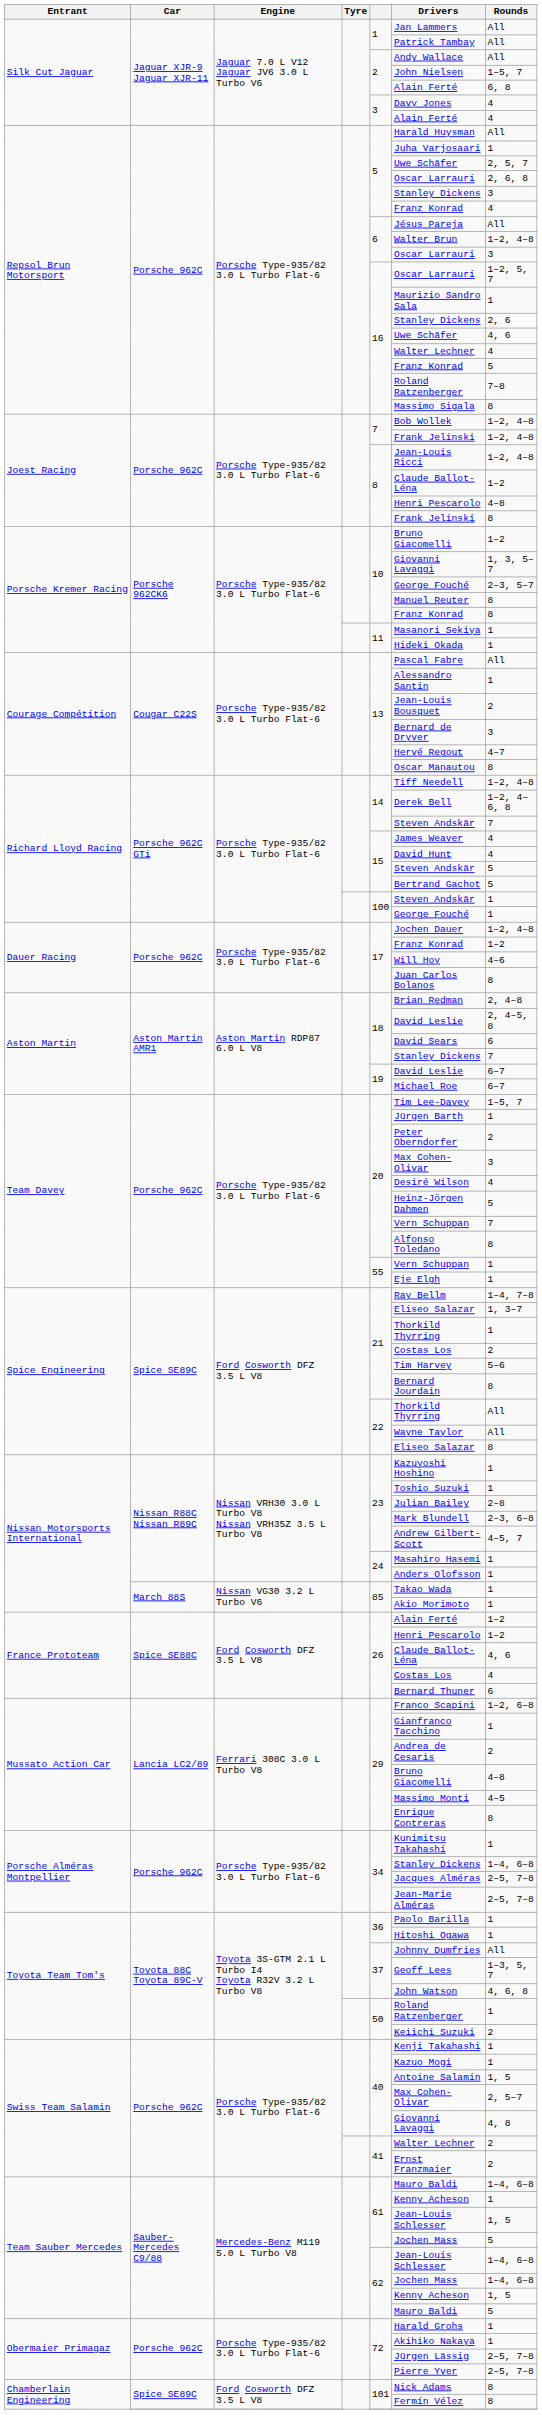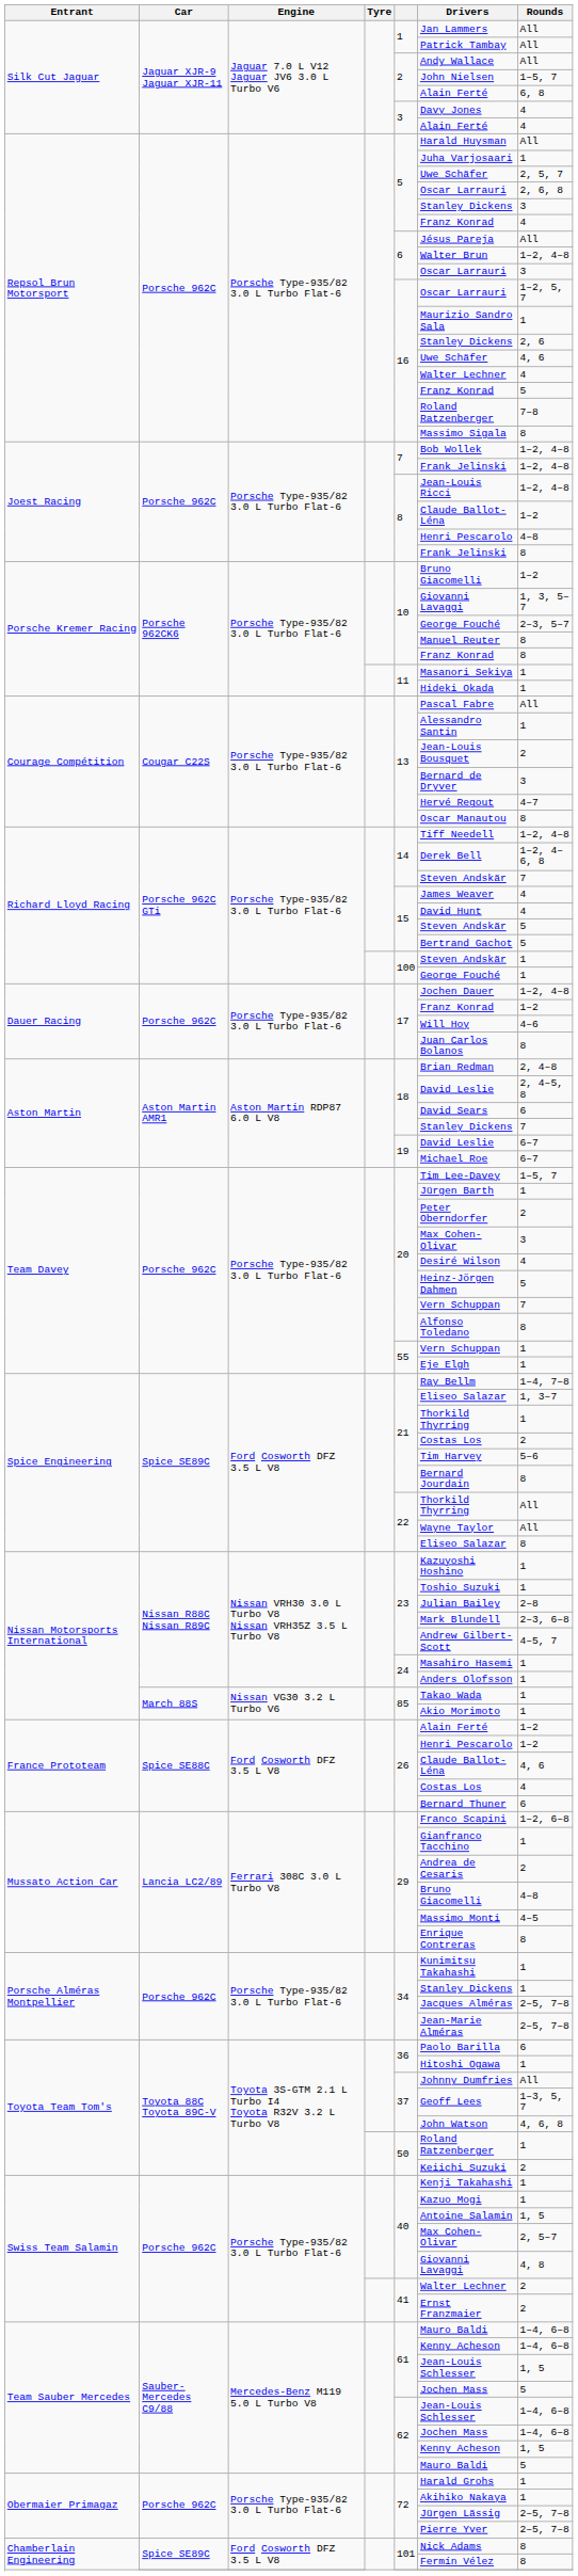 <table class="wikitable" style="font-size: 85%">
 <tr>
 <th>Entrant</th>
 <th>Car</th>
 <th>Engine</th>
 <th>Tyre</th>
 <th></th>
 <th>Drivers</th>
 <th>Rounds</th>
 </tr>
 <tr>
 <td rowspan=7> <a href='#'>Silk Cut Jaguar</a></td>
 <td rowspan=7><a href='#'>Jaguar XJR-9</a><br><a href='#'>Jaguar XJR-11</a></td>
 <td rowspan=7><a href='#'>Jaguar</a> 7.0 L V12<br><a href='#'>Jaguar</a> JV6 3.0 L Turbo V6</td>
 <td rowspan=7></td>
 <td rowspan=2>1</td>
 <td> <a href='#'>Jan Lammers</a></td>
 <td>All</td>
 </tr>
 <tr>
 <td> <a href='#'>Patrick Tambay</a></td>
 <td>All</td>
 </tr>
 <tr>
 <td rowspan=3>2</td>
 <td> <a href='#'>Andy Wallace</a></td>
 <td>All</td>
 </tr>
 <tr>
 <td> <a href='#'>John Nielsen</a></td>
 <td>1–5, 7</td>
 </tr>
 <tr>
 <td> <a href='#'>Alain Ferté</a></td>
 <td>6, 8</td>
 </tr>
 <tr>
 <td rowspan=2>3</td>
 <td> <a href='#'>Davy Jones</a></td>
 <td>4</td>
 </tr>
 <tr>
 <td> <a href='#'>Alain Ferté</a></td>
 <td>4</td>
 </tr>
 <tr>
 <td rowspan=17> <a href='#'>Repsol Brun Motorsport</a></td>
 <td rowspan=17><a href='#'>Porsche 962C</a></td>
 <td rowspan=17><a href='#'>Porsche</a> Type-935/82 3.0 L Turbo Flat-6</td>
 <td rowspan=17></td>
 <td rowspan=6>5</td>
 <td> <a href='#'>Harald Huysman</a></td>
 <td>All</td>
 </tr>
 <tr>
 <td> <a href='#'>Juha Varjosaari</a></td>
 <td>1</td>
 </tr>
 <tr>
 <td> <a href='#'>Uwe Schäfer</a></td>
 <td>2, 5, 7</td>
 </tr>
 <tr>
 <td> <a href='#'>Oscar Larrauri</a></td>
 <td>2, 6, 8</td>
 </tr>
 <tr>
 <td> <a href='#'>Stanley Dickens</a></td>
 <td>3</td>
 </tr>
 <tr>
 <td> <a href='#'>Franz Konrad</a></td>
 <td>4</td>
 </tr>
 <tr>
 <td rowspan=3>6</td>
 <td> <a href='#'>Jésus Pareja</a></td>
 <td>All</td>
 </tr>
 <tr>
 <td> <a href='#'>Walter Brun</a></td>
 <td>1–2, 4–8</td>
 </tr>
 <tr>
 <td> <a href='#'>Oscar Larrauri</a></td>
 <td>3</td>
 </tr>
 <tr>
 <td rowspan=8>16</td>
 <td> <a href='#'>Oscar Larrauri</a></td>
 <td>1–2, 5, 7</td>
 </tr>
 <tr>
 <td> <a href='#'>Maurizio Sandro Sala</a></td>
 <td>1</td>
 </tr>
 <tr>
 <td> <a href='#'>Stanley Dickens</a></td>
 <td>2, 6</td>
 </tr>
 <tr>
 <td> <a href='#'>Uwe Schäfer</a></td>
 <td>4, 6</td>
 </tr>
 <tr>
 <td> <a href='#'>Walter Lechner</a></td>
 <td>4</td>
 </tr>
 <tr>
 <td> <a href='#'>Franz Konrad</a></td>
 <td>5</td>
 </tr>
 <tr>
 <td> <a href='#'>Roland Ratzenberger</a></td>
 <td>7–8</td>
 </tr>
 <tr>
 <td> <a href='#'>Massimo Sigala</a></td>
 <td>8</td>
 </tr>
 <tr>
 <td rowspan=6> <a href='#'>Joest Racing</a></td>
 <td rowspan=6><a href='#'>Porsche 962C</a></td>
 <td rowspan=6><a href='#'>Porsche</a> Type-935/82 3.0 L Turbo Flat-6</td>
 <td rowspan=6></td>
 <td rowspan=2>7</td>
 <td> <a href='#'>Bob Wollek</a></td>
 <td>1–2, 4–8</td>
 </tr>
 <tr>
 <td> <a href='#'>Frank Jelinski</a></td>
 <td>1–2, 4–8</td>
 </tr>
 <tr>
 <td rowspan=4>8</td>
 <td> <a href='#'>Jean-Louis Ricci</a></td>
 <td>1–2, 4–8</td>
 </tr>
 <tr>
 <td> <a href='#'>Claude Ballot-Léna</a></td>
 <td>1–2</td>
 </tr>
 <tr>
 <td> <a href='#'>Henri Pescarolo</a></td>
 <td>4–8</td>
 </tr>
 <tr>
 <td> <a href='#'>Frank Jelinski</a></td>
 <td>8</td>
 </tr>
 <tr>
 <td rowspan=7> <a href='#'>Porsche Kremer Racing</a></td>
 <td rowspan=7><a href='#'>Porsche 962CK6</a></td>
 <td rowspan=7><a href='#'>Porsche</a> Type-935/82 3.0 L Turbo Flat-6</td>
 <td rowspan=5></td>
 <td rowspan=5>10</td>
 <td> <a href='#'>Bruno Giacomelli</a></td>
 <td>1–2</td>
 </tr>
 <tr>
 <td> <a href='#'>Giovanni Lavaggi</a></td>
 <td>1, 3, 5–7</td>
 </tr>
 <tr>
 <td> <a href='#'>George Fouché</a></td>
 <td>2–3, 5–7</td>
 </tr>
 <tr>
 <td> <a href='#'>Manuel Reuter</a></td>
 <td>8</td>
 </tr>
 <tr>
 <td> <a href='#'>Franz Konrad</a></td>
 <td>8</td>
 </tr>
 <tr>
 <td rowspan=2></td>
 <td rowspan=2>11</td>
 <td> <a href='#'>Masanori Sekiya</a></td>
 <td>1</td>
 </tr>
 <tr>
 <td> <a href='#'>Hideki Okada</a></td>
 <td>1</td>
 </tr>
 <tr>
 <td rowspan=6> <a href='#'>Courage Compétition</a></td>
 <td rowspan=6><a href='#'>Cougar C22S</a></td>
 <td rowspan=6><a href='#'>Porsche</a> Type-935/82 3.0 L Turbo Flat-6</td>
 <td rowspan=6></td>
 <td rowspan=6>13</td>
 <td> <a href='#'>Pascal Fabre</a></td>
 <td>All</td>
 </tr>
 <tr>
 <td> <a href='#'>Alessandro Santin</a></td>
 <td>1</td>
 </tr>
 <tr>
 <td> <a href='#'>Jean-Louis Bousquet</a></td>
 <td>2</td>
 </tr>
 <tr>
 <td> <a href='#'>Bernard de Dryver</a></td>
 <td>3</td>
 </tr>
 <tr>
 <td> <a href='#'>Hervé Regout</a></td>
 <td>4–7</td>
 </tr>
 <tr>
 <td> <a href='#'>Oscar Manautou</a></td>
 <td>8</td>
 </tr>
 <tr>
 <td rowspan=9> <a href='#'>Richard Lloyd Racing</a></td>
 <td rowspan=9><a href='#'>Porsche 962C GTi</a></td>
 <td rowspan=9><a href='#'>Porsche</a> Type-935/82 3.0 L Turbo Flat-6</td>
 <td rowspan=7></td>
 <td rowspan=3>14</td>
 <td> <a href='#'>Tiff Needell</a></td>
 <td>1–2, 4–8</td>
 </tr>
 <tr>
 <td> <a href='#'>Derek Bell</a></td>
 <td>1–2, 4–6, 8</td>
 </tr>
 <tr>
 <td> <a href='#'>Steven Andskär</a></td>
 <td>7</td>
 </tr>
 <tr>
 <td rowspan=4>15</td>
 <td> <a href='#'>James Weaver</a></td>
 <td>4</td>
 </tr>
 <tr>
 <td> <a href='#'>David Hunt</a></td>
 <td>4</td>
 </tr>
 <tr>
 <td> <a href='#'>Steven Andskär</a></td>
 <td>5</td>
 </tr>
 <tr>
 <td> <a href='#'>Bertrand Gachot</a></td>
 <td>5</td>
 </tr>
 <tr>
 <td rowspan=2></td>
 <td rowspan=2>100</td>
 <td> <a href='#'>Steven Andskär</a></td>
 <td>1</td>
 </tr>
 <tr>
 <td> <a href='#'>George Fouché</a></td>
 <td>1</td>
 </tr>
 <tr>
 <td rowspan=4> <a href='#'>Dauer Racing</a></td>
 <td rowspan=4><a href='#'>Porsche 962C</a></td>
 <td rowspan=4><a href='#'>Porsche</a> Type-935/82 3.0 L Turbo Flat-6</td>
 <td rowspan=4></td>
 <td rowspan=4>17</td>
 <td> <a href='#'>Jochen Dauer</a></td>
 <td>1–2, 4–8</td>
 </tr>
 <tr>
 <td> <a href='#'>Franz Konrad</a></td>
 <td>1–2</td>
 </tr>
 <tr>
 <td> <a href='#'>Will Hoy</a></td>
 <td>4–6</td>
 </tr>
 <tr>
 <td> <a href='#'>Juan Carlos Bolanos</a></td>
 <td>8</td>
 </tr>
 <tr>
 <td rowspan=6> <a href='#'>Aston Martin</a></td>
 <td rowspan=6><a href='#'>Aston Martin AMR1</a></td>
 <td rowspan=6><a href='#'>Aston Martin</a> RDP87 6.0 L V8</td>
 <td rowspan=6></td>
 <td rowspan=4>18</td>
 <td> <a href='#'>Brian Redman</a></td>
 <td>2, 4–8</td>
 </tr>
 <tr>
 <td> <a href='#'>David Leslie</a></td>
 <td>2, 4–5, 8</td>
 </tr>
 <tr>
 <td> <a href='#'>David Sears</a></td>
 <td>6</td>
 </tr>
 <tr>
 <td> <a href='#'>Stanley Dickens</a></td>
 <td>7</td>
 </tr>
 <tr>
 <td rowspan=2>19</td>
 <td> <a href='#'>David Leslie</a></td>
 <td>6–7</td>
 </tr>
 <tr>
 <td> <a href='#'>Michael Roe</a></td>
 <td>6–7</td>
 </tr>
 <tr>
 <td rowspan=10> <a href='#'>Team Davey</a></td>
 <td rowspan=10><a href='#'>Porsche 962C</a></td>
 <td rowspan=10><a href='#'>Porsche</a> Type-935/82 3.0 L Turbo Flat-6</td>
 <td rowspan=10><br></td>
 <td rowspan=8>20</td>
 <td> <a href='#'>Tim Lee-Davey</a></td>
 <td>1–5, 7</td>
 </tr>
 <tr>
 <td> <a href='#'>Jürgen Barth</a></td>
 <td>1</td>
 </tr>
 <tr>
 <td> <a href='#'>Peter Oberndorfer</a></td>
 <td>2</td>
 </tr>
 <tr>
 <td> <a href='#'>Max Cohen-Olivar</a></td>
 <td>3</td>
 </tr>
 <tr>
 <td> <a href='#'>Desiré Wilson</a></td>
 <td>4</td>
 </tr>
 <tr>
 <td> <a href='#'>Heinz-Jörgen Dahmen</a></td>
 <td>5</td>
 </tr>
 <tr>
 <td> <a href='#'>Vern Schuppan</a></td>
 <td>7</td>
 </tr>
 <tr>
 <td> <a href='#'>Alfonso Toledano</a></td>
 <td>8</td>
 </tr>
 <tr>
 <td rowspan=2>55</td>
 <td> <a href='#'>Vern Schuppan</a></td>
 <td>1</td>
 </tr>
 <tr>
 <td> <a href='#'>Eje Elgh</a></td>
 <td>1</td>
 </tr>
 <tr>
 <td rowspan=9> <a href='#'>Spice Engineering</a></td>
 <td rowspan=9><a href='#'>Spice SE89C</a></td>
 <td rowspan=9><a href='#'>Ford</a> <a href='#'>Cosworth</a> DFZ 3.5 L V8</td>
 <td rowspan=9></td>
 <td rowspan=6>21</td>
 <td> <a href='#'>Ray Bellm</a></td>
 <td>1–4, 7–8</td>
 </tr>
 <tr>
 <td> <a href='#'>Eliseo Salazar</a></td>
 <td>1, 3–7</td>
 </tr>
 <tr>
 <td> <a href='#'>Thorkild Thyrring</a></td>
 <td>1</td>
 </tr>
 <tr>
 <td> <a href='#'>Costas Los</a></td>
 <td>2</td>
 </tr>
 <tr>
 <td> <a href='#'>Tim Harvey</a></td>
 <td>5–6</td>
 </tr>
 <tr>
 <td> <a href='#'>Bernard Jourdain</a></td>
 <td>8</td>
 </tr>
 <tr>
 <td rowspan=3>22</td>
 <td> <a href='#'>Thorkild Thyrring</a></td>
 <td>All</td>
 </tr>
 <tr>
 <td> <a href='#'>Wayne Taylor</a></td>
 <td>All</td>
 </tr>
 <tr>
 <td> <a href='#'>Eliseo Salazar</a></td>
 <td>8</td>
 </tr>
 <tr>
 <td rowspan=9> <a href='#'>Nissan Motorsports International</a></td>
 <td rowspan=7><a href='#'>Nissan R88C</a><br><a href='#'>Nissan R89C</a></td>
 <td rowspan=7><a href='#'>Nissan</a> VRH30 3.0 L Turbo V8<br><a href='#'>Nissan</a> VRH35Z 3.5 L Turbo V8</td>
 <td rowspan=7><br></td>
 <td rowspan=5>23</td>
 <td> <a href='#'>Kazuyoshi Hoshino</a></td>
 <td>1</td>
 </tr>
 <tr>
 <td> <a href='#'>Toshio Suzuki</a></td>
 <td>1</td>
 </tr>
 <tr>
 <td> <a href='#'>Julian Bailey</a></td>
 <td>2–8</td>
 </tr>
 <tr>
 <td> <a href='#'>Mark Blundell</a></td>
 <td>2–3, 6–8</td>
 </tr>
 <tr>
 <td> <a href='#'>Andrew Gilbert-Scott</a></td>
 <td>4–5, 7</td>
 </tr>
 <tr>
 <td rowspan=2>24</td>
 <td> <a href='#'>Masahiro Hasemi</a></td>
 <td>1</td>
 </tr>
 <tr>
 <td> <a href='#'>Anders Olofsson</a></td>
 <td>1</td>
 </tr>
 <tr>
 <td rowspan=2><a href='#'>March 88S</a></td>
 <td rowspan=2><a href='#'>Nissan</a> VG30 3.2 L Turbo V6</td>
 <td rowspan=2></td>
 <td rowspan=2>85</td>
 <td> <a href='#'>Takao Wada</a></td>
 <td>1</td>
 </tr>
 <tr>
 <td> <a href='#'>Akio Morimoto</a></td>
 <td>1</td>
 </tr>
 <tr>
 <td rowspan=5> <a href='#'>France Prototeam</a></td>
 <td rowspan=5><a href='#'>Spice SE88C</a></td>
 <td rowspan=5><a href='#'>Ford</a> <a href='#'>Cosworth</a> DFZ 3.5 L V8</td>
 <td rowspan=5></td>
 <td rowspan=5>26</td>
 <td> <a href='#'>Alain Ferté</a></td>
 <td>1–2</td>
 </tr>
 <tr>
 <td> <a href='#'>Henri Pescarolo</a></td>
 <td>1–2</td>
 </tr>
 <tr>
 <td> <a href='#'>Claude Ballot-Léna</a></td>
 <td>4, 6</td>
 </tr>
 <tr>
 <td> <a href='#'>Costas Los</a></td>
 <td>4</td>
 </tr>
 <tr>
 <td> <a href='#'>Bernard Thuner</a></td>
 <td>6</td>
 </tr>
 <tr>
 <td rowspan=6> <a href='#'>Mussato Action Car</a></td>
 <td rowspan=6><a href='#'>Lancia LC2/89</a></td>
 <td rowspan=6><a href='#'>Ferrari</a> 308C 3.0 L Turbo V8</td>
 <td rowspan=6></td>
 <td rowspan=6>29</td>
 <td> <a href='#'>Franco Scapini</a></td>
 <td>1–2, 6–8</td>
 </tr>
 <tr>
 <td> <a href='#'>Gianfranco Tacchino</a></td>
 <td>1</td>
 </tr>
 <tr>
 <td> <a href='#'>Andrea de Cesaris</a></td>
 <td>2</td>
 </tr>
 <tr>
 <td> <a href='#'>Bruno Giacomelli</a></td>
 <td>4–8</td>
 </tr>
 <tr>
 <td> <a href='#'>Massimo Monti</a></td>
 <td>4–5</td>
 </tr>
 <tr>
 <td> <a href='#'>Enrique Contreras</a></td>
 <td>8</td>
 </tr>
 <tr>
 <td rowspan=4> <a href='#'>Porsche Alméras Montpellier</a></td>
 <td rowspan=4><a href='#'>Porsche 962C</a></td>
 <td rowspan=4><a href='#'>Porsche</a> Type-935/82 3.0 L Turbo Flat-6</td>
 <td rowspan=4><br></td>
 <td rowspan=4>34</td>
 <td> <a href='#'>Kunimitsu Takahashi</a></td>
 <td>1</td>
 </tr>
 <tr>
 <td> <a href='#'>Stanley Dickens</a></td>
-<td>1–4, 6–8</td>
+<td>1</td>
 </tr>
 <tr>
 <td> <a href='#'>Jacques Alméras</a></td>
 <td>2–5, 7–8</td>
 </tr>
 <tr>
 <td> <a href='#'>Jean-Marie Alméras</a></td>
 <td>2–5, 7–8</td>
 </tr>
 <tr>
 <td rowspan=7> <a href='#'>Toyota Team Tom's</a></td>
 <td rowspan=7><a href='#'>Toyota 88C</a><br><a href='#'>Toyota 89C-V</a></td>
 <td rowspan=7><a href='#'>Toyota</a> 3S-GTM 2.1 L Turbo I4<br><a href='#'>Toyota</a> R32V 3.2 L Turbo V8</td>
 <td rowspan=5></td>
 <td rowspan=2>36</td>
 <td> <a href='#'>Paolo Barilla</a></td>
-<td>1</td>
+<td>6</td>
 </tr>
 <tr>
 <td> <a href='#'>Hitoshi Ogawa</a></td>
 <td>1</td>
 </tr>
 <tr>
 <td rowspan=3>37</td>
 <td> <a href='#'>Johnny Dumfries</a></td>
 <td>All</td>
 </tr>
 <tr>
 <td> <a href='#'>Geoff Lees</a></td>
 <td>1–3, 5, 7</td>
 </tr>
 <tr>
 <td> <a href='#'>John Watson</a></td>
 <td>4, 6, 8</td>
 </tr>
 <tr>
 <td rowspan=2></td>
 <td rowspan=2>50</td>
 <td> <a href='#'>Roland Ratzenberger</a></td>
 <td>1</td>
 </tr>
 <tr>
 <td> <a href='#'>Keiichi Suzuki</a></td>
 <td>2</td>
 </tr>
 <tr>
 <td rowspan=7> <a href='#'>Swiss Team Salamin</a></td>
 <td rowspan=7><a href='#'>Porsche 962C</a></td>
 <td rowspan=7><a href='#'>Porsche</a> Type-935/82 3.0 L Turbo Flat-6</td>
 <td rowspan=5><br></td>
 <td rowspan=5>40</td>
 <td> <a href='#'>Kenji Takahashi</a></td>
 <td>1</td>
 </tr>
 <tr>
 <td> <a href='#'>Kazuo Mogi</a></td>
 <td>1</td>
 </tr>
 <tr>
 <td> <a href='#'>Antoine Salamin</a></td>
 <td>1, 5</td>
 </tr>
 <tr>
 <td> <a href='#'>Max Cohen-Olivar</a></td>
 <td>2, 5–7</td>
 </tr>
 <tr>
 <td> <a href='#'>Giovanni Lavaggi</a></td>
 <td>4, 8</td>
 </tr>
 <tr>
 <td rowspan=2></td>
 <td rowspan=2>41</td>
 <td> <a href='#'>Walter Lechner</a></td>
 <td>2</td>
 </tr>
 <tr>
 <td> <a href='#'>Ernst Franzmaier</a></td>
 <td>2</td>
 </tr>
 <tr>
 <td rowspan=8> <a href='#'>Team Sauber Mercedes</a></td>
 <td rowspan=8><a href='#'>Sauber-Mercedes C9/88</a></td>
 <td rowspan=8><a href='#'>Mercedes-Benz</a> M119 5.0 L Turbo V8</td>
 <td rowspan=8></td>
 <td rowspan=4>61</td>
 <td> <a href='#'>Mauro Baldi</a></td>
 <td>1–4, 6–8</td>
 </tr>
 <tr>
 <td> <a href='#'>Kenny Acheson</a></td>
-<td>1</td>
+<td>1–4, 6–8</td>
 </tr>
 <tr>
 <td> <a href='#'>Jean-Louis Schlesser</a></td>
 <td>1, 5</td>
 </tr>
 <tr>
 <td> <a href='#'>Jochen Mass</a></td>
 <td>5</td>
 </tr>
 <tr>
 <td rowspan=4>62</td>
 <td> <a href='#'>Jean-Louis Schlesser</a></td>
 <td>1–4, 6–8</td>
 </tr>
 <tr>
 <td> <a href='#'>Jochen Mass</a></td>
 <td>1–4, 6–8</td>
 </tr>
 <tr>
 <td> <a href='#'>Kenny Acheson</a></td>
 <td>1, 5</td>
 </tr>
 <tr>
 <td> <a href='#'>Mauro Baldi</a></td>
 <td>5</td>
 </tr>
 <tr>
 <td rowspan=4> <a href='#'>Obermaier Primagaz</a></td>
 <td rowspan=4><a href='#'>Porsche 962C</a></td>
 <td rowspan=4><a href='#'>Porsche</a> Type-935/82 3.0 L Turbo Flat-6</td>
 <td rowspan=4><br></td>
 <td rowspan=4>72</td>
 <td> <a href='#'>Harald Grohs</a></td>
 <td>1</td>
 </tr>
 <tr>
 <td> <a href='#'>Akihiko Nakaya</a></td>
 <td>1</td>
 </tr>
 <tr>
 <td> <a href='#'>Jürgen Lässig</a></td>
 <td>2–5, 7–8</td>
 </tr>
 <tr>
 <td> <a href='#'>Pierre Yver</a></td>
 <td>2–5, 7–8</td>
 </tr>
 <tr>
 <td rowspan=7> <a href='#'>Chamberlain Engineering</a></td>
 <td rowspan=2><a href='#'>Spice SE89C</a></td>
 <td rowspan=2><a href='#'>Ford</a> <a href='#'>Cosworth</a> DFZ 3.5 L V8</td>
 <td rowspan=7></td>
 <td rowspan=2>101</td>
 <td> <a href='#'>Nick Adams</a></td>
 <td>8</td>
 </tr>
 <tr>
 <td> <a href='#'>Fermín Vélez</a></td>
 <td>8</td>
 </tr>
 <tr>
 </tr>
 </table>
